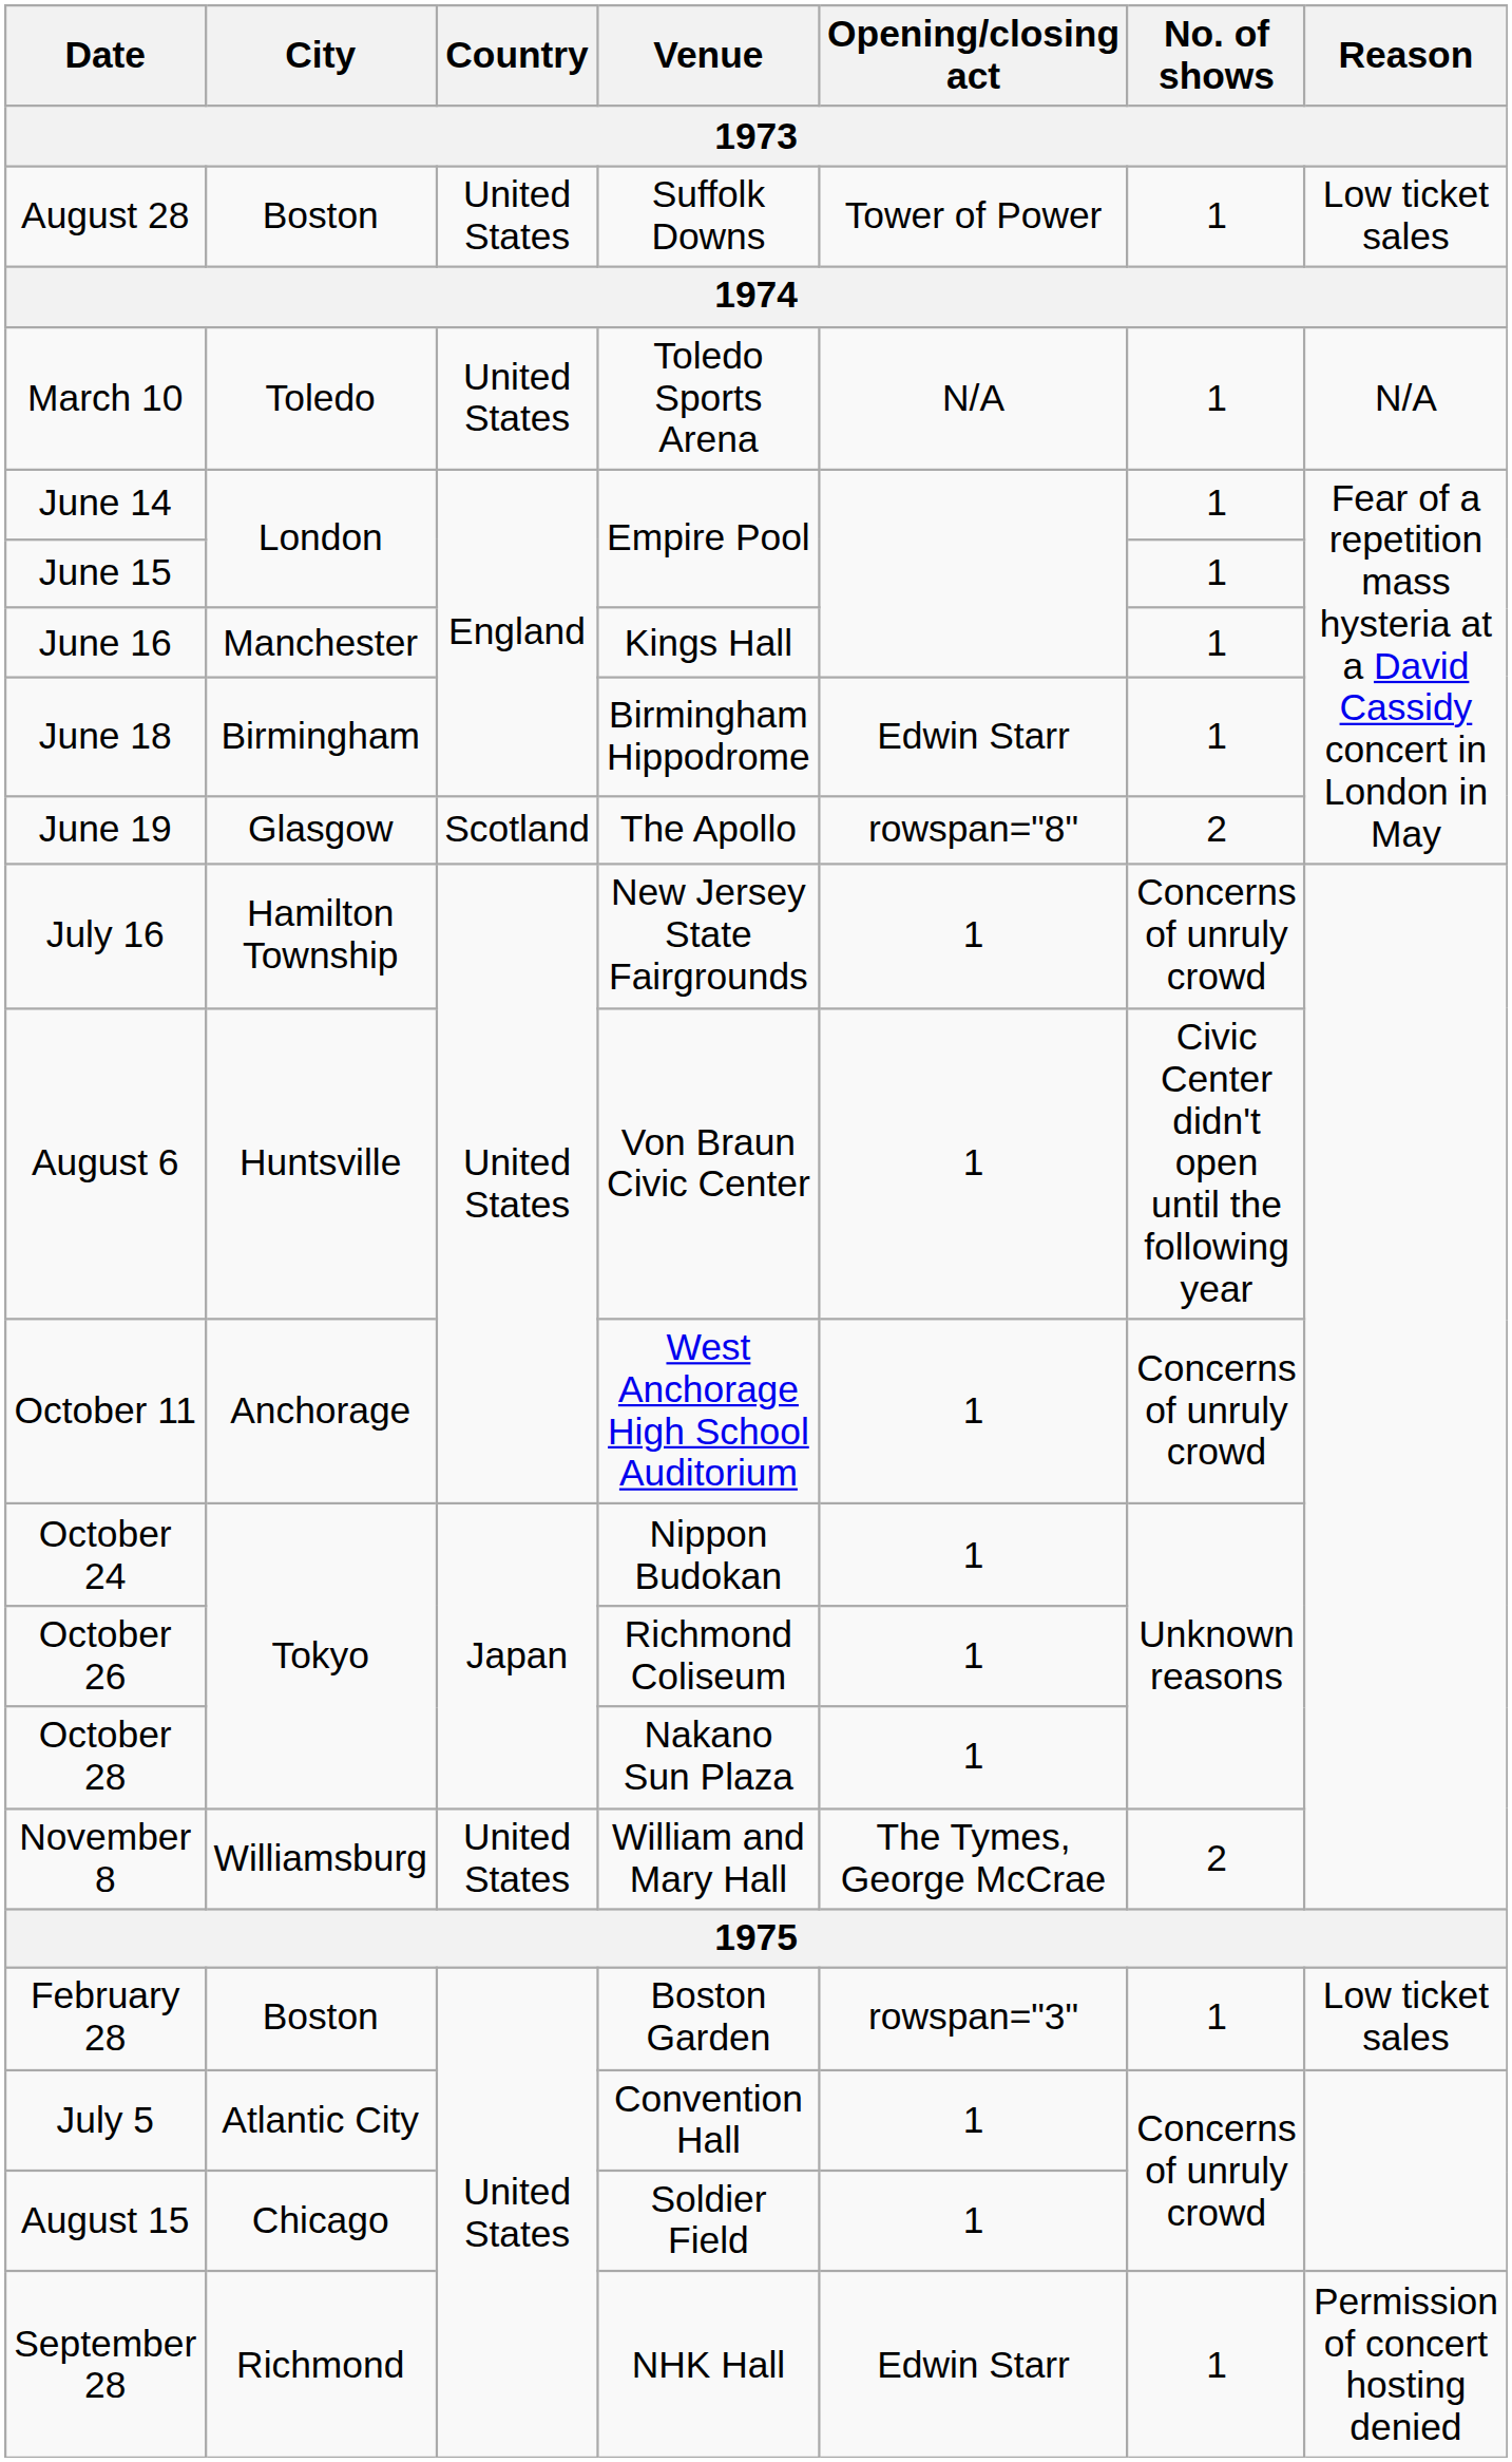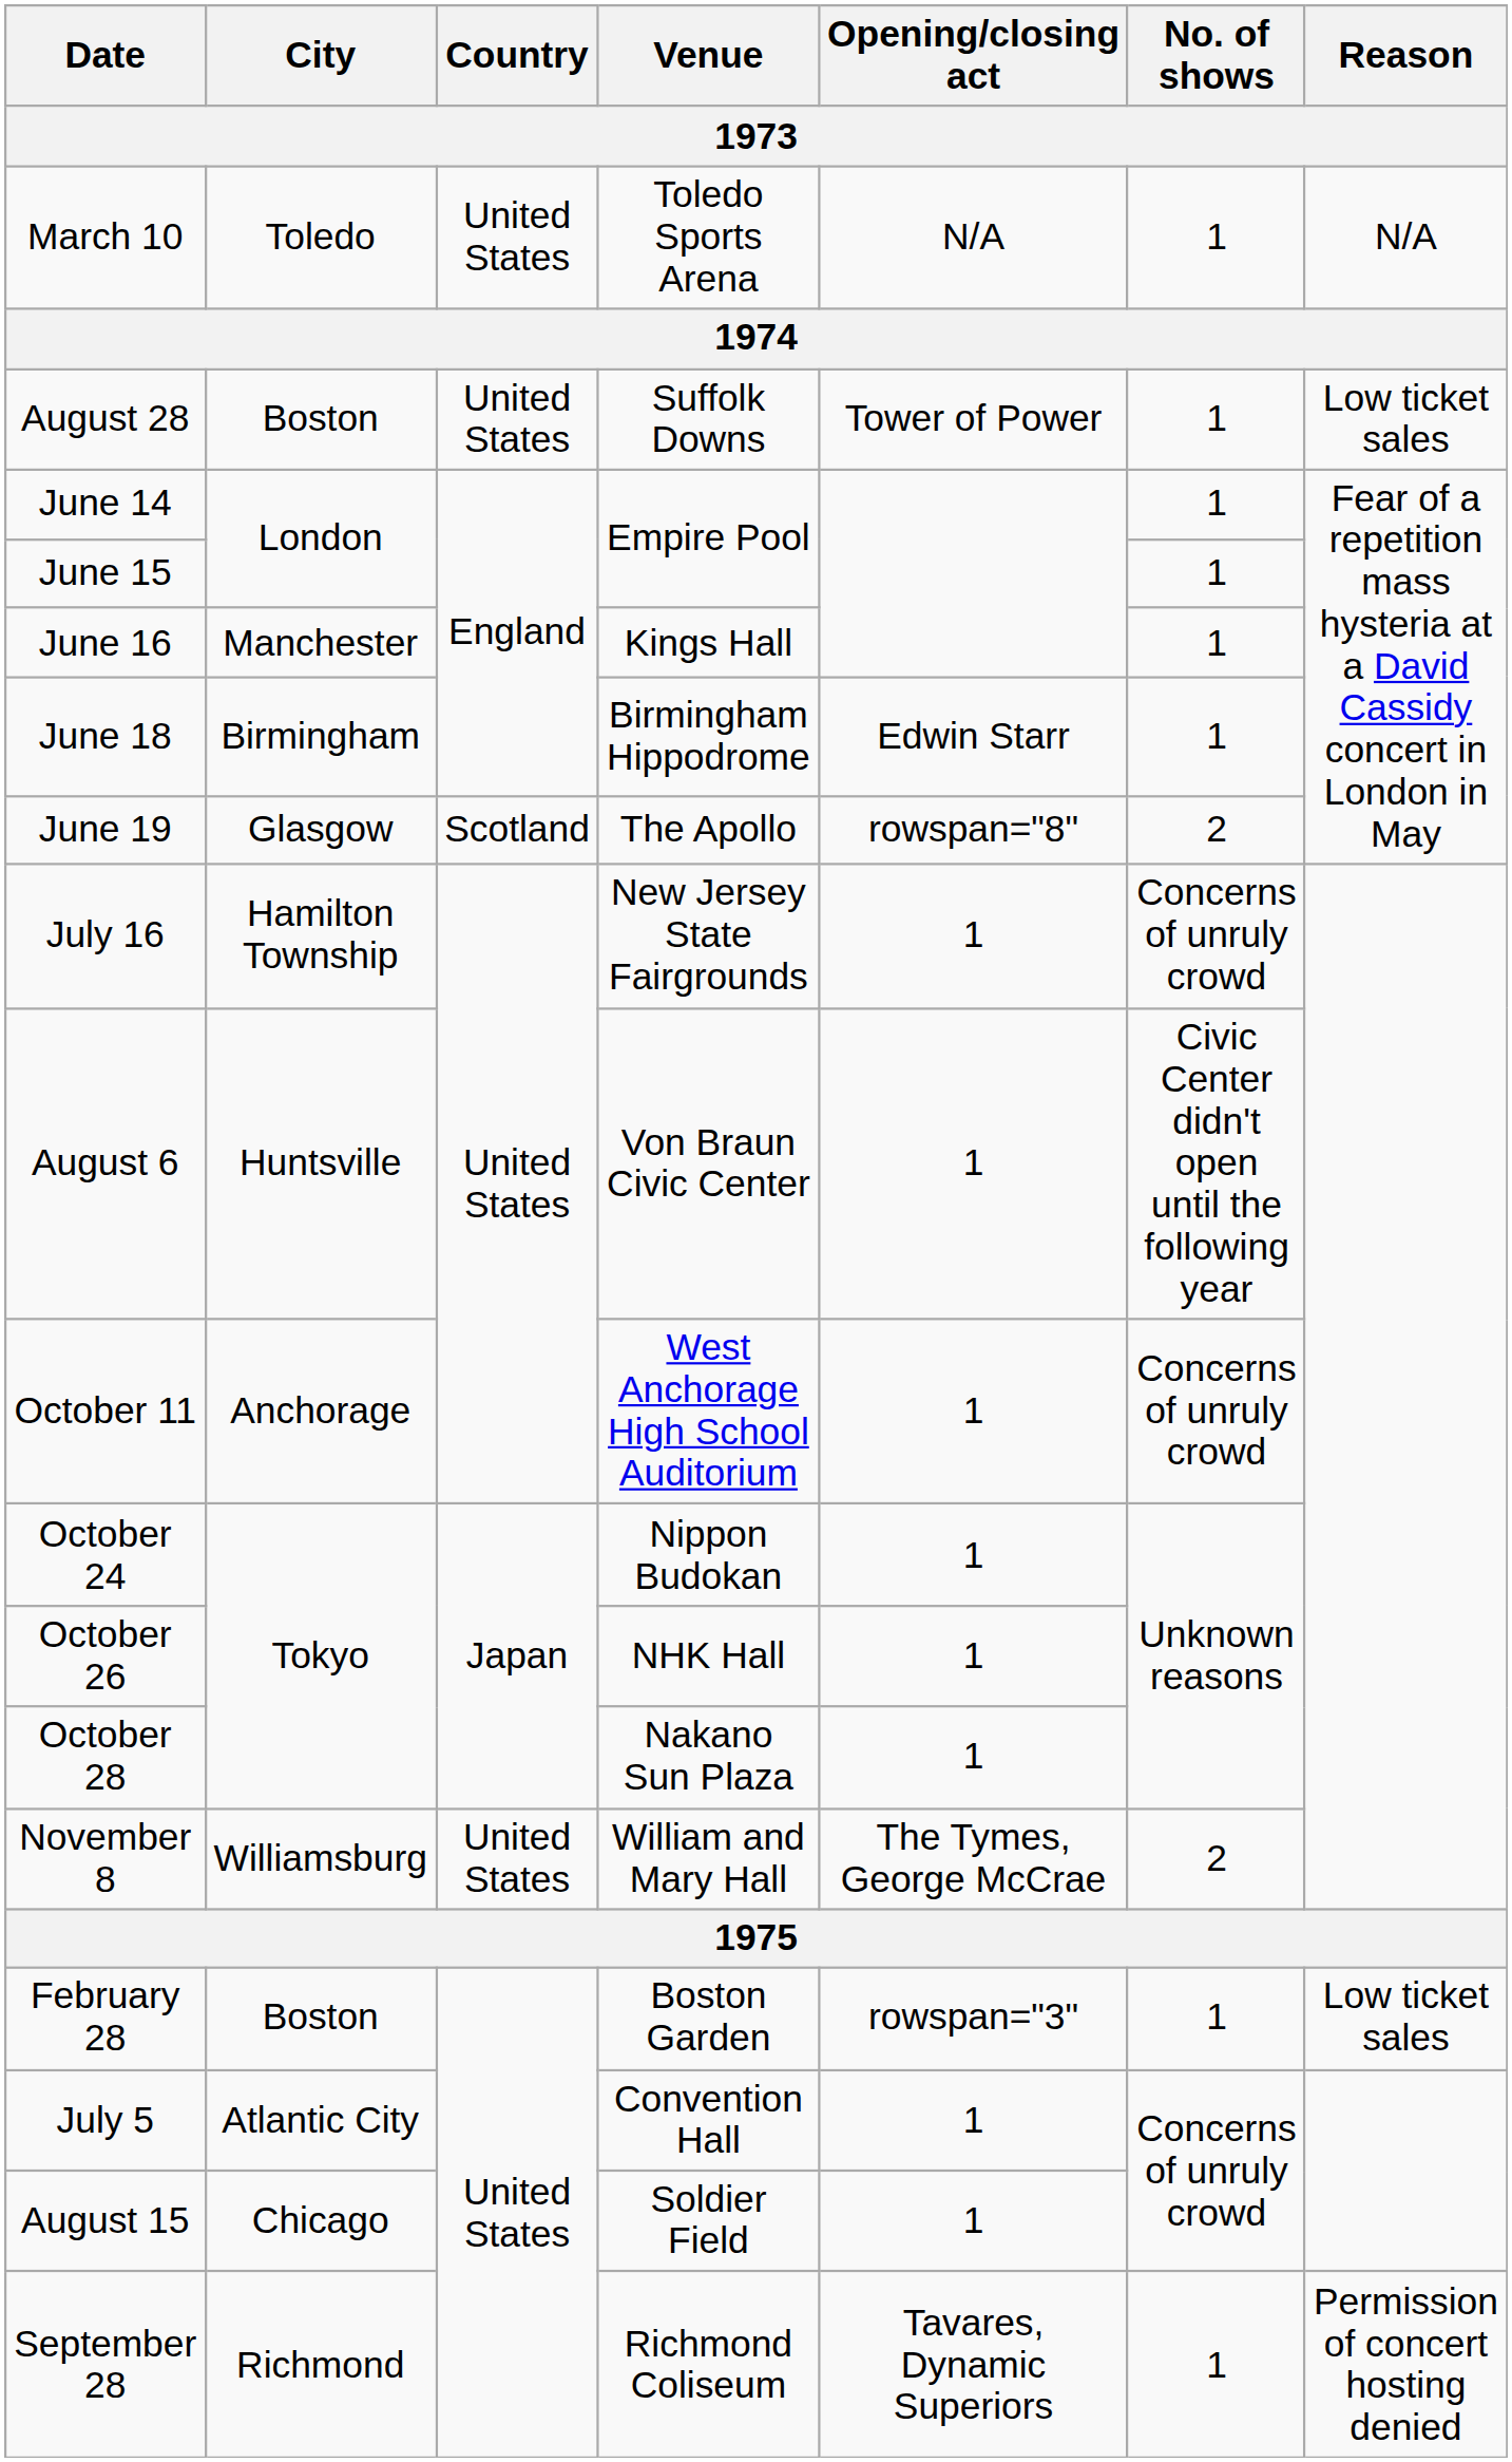 <table class="wikitable plainrowheaders" style="text-align:center;">
 <tr>
 <th scope="col" style="width:12em;">Date</th>
 <th scope="col" style="width:10em;">City</th>
 <th scope="col" style="width:10em;">Country</th>
 <th scope="col" style="width:17em;">Venue</th>
 <th>Opening/closing act</th>
 <th>No. of shows</th>
 <th scope="col" style="width:26em;">Reason</th>
 </tr>
 <tr>
 <th colspan="7">1973</th>
 </tr>
 <tr>
+<td>March 10</td>
+<td>Toledo</td>
+<td>United States</td>
+<td>Toledo Sports Arena</td>
+<td>N/A</td>
+<td>1</td>
+<td>N/A</td>
+</tr>
+<tr>
+<th colspan="7">1974</th>
+</tr>
+<tr>
 <td>August 28</td>
 <td>Boston</td>
 <td>United States</td>
 <td>Suffolk Downs</td>
 <td>Tower of Power</td>
 <td>1</td>
 <td>Low ticket sales</td>
-</tr>
-<tr>
-<th colspan="7">1974</th>
-</tr>
-<tr>
-<td>March 10</td>
-<td>Toledo</td>
-<td>United States</td>
-<td>Toledo Sports Arena</td>
-<td>N/A</td>
-<td>1</td>
-<td>N/A</td>
 </tr>
 <tr>
 <td>June 14</td>
 <td rowspan="2">London</td>
 <td rowspan="4">England</td>
 <td rowspan="2">Empire Pool</td>
 <td rowspan="3"></td>
 <td>1</td>
 <td rowspan="5">Fear of a repetition mass hysteria at a <a href='#'>David Cassidy</a> concert in London in May</td>
 </tr>
 <tr>
 <td>June 15</td>
 <td>1</td>
 </tr>
 <tr>
 <td>June 16</td>
 <td>Manchester</td>
 <td>Kings Hall</td>
 <td>1</td>
 </tr>
 <tr>
 <td>June 18</td>
 <td>Birmingham</td>
 <td>Birmingham Hippodrome</td>
 <td>Edwin Starr</td>
 <td>1</td>
 </tr>
 <tr>
 <td>June 19</td>
 <td>Glasgow</td>
 <td>Scotland</td>
 <td>The Apollo</td>
 <td>rowspan="8" </td>
 <td>2</td>
 </tr>
 <tr>
 <td>July 16</td>
 <td>Hamilton Township</td>
 <td rowspan="3">United States</td>
 <td>New Jersey State Fairgrounds</td>
 <td>1</td>
 <td>Concerns of unruly crowd</td>
 </tr>
 <tr>
 <td>August 6</td>
 <td>Huntsville</td>
 <td>Von Braun Civic Center</td>
 <td>1</td>
 <td>Civic Center didn't open until the following year</td>
 </tr>
 <tr>
 <td>October 11</td>
 <td>Anchorage</td>
 <td><a href='#'>West Anchorage High School Auditorium</a></td>
 <td>1</td>
 <td>Concerns of unruly crowd</td>
 </tr>
 <tr>
 <td>October 24</td>
 <td rowspan="3">Tokyo</td>
 <td rowspan="3">Japan</td>
 <td>Nippon Budokan</td>
 <td>1</td>
 <td rowspan="3">Unknown reasons</td>
 </tr>
 <tr>
 <td>October 26</td>
-<td>Richmond Coliseum</td>
+<td>NHK Hall</td>
 <td>1</td>
 </tr>
 <tr>
 <td>October 28</td>
 <td>Nakano Sun Plaza</td>
 <td>1</td>
 </tr>
 <tr>
 <td>November 8</td>
 <td>Williamsburg</td>
 <td>United States</td>
 <td>William and Mary Hall</td>
 <td>The Tymes, George McCrae</td>
 <td>2</td>
 </tr>
 <tr>
 <th colspan="7">1975</th>
 </tr>
 <tr>
 <td>February 28</td>
 <td>Boston</td>
 <td rowspan="5">United States</td>
 <td>Boston Garden</td>
 <td>rowspan="3" </td>
 <td>1</td>
 <td>Low ticket sales </td>
 </tr>
 <tr>
 <td>July 5</td>
 <td>Atlantic City</td>
 <td>Convention Hall</td>
 <td>1</td>
 <td rowspan="2">Concerns of unruly crowd</td>
 </tr>
 <tr>
 <td>August 15</td>
 <td>Chicago</td>
 <td>Soldier Field</td>
 <td>1</td>
 </tr>
 <tr>
 <td>September 28</td>
 <td>Richmond</td>
-<td>NHK Hall</td>
-<td>Edwin Starr</td>
+<td>Richmond Coliseum</td>
+<td>Tavares, Dynamic Superiors</td>
 <td>1</td>
 <td>Permission of concert hosting denied</td>
 </tr>
 </table>
